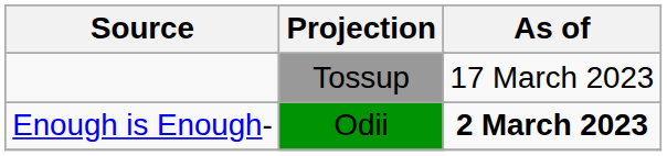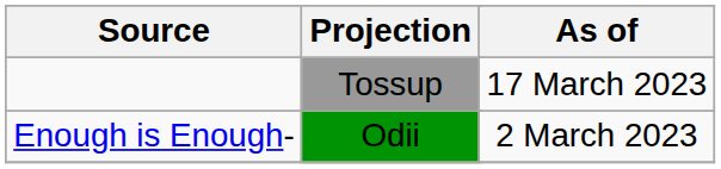 <table class="wikitable" style="text-align:center">
 <tr>
 <th>Source</th>
 <th colspan=2>Projection</th>
 <th>As of</th>
 </tr>
 <tr>
 <td align="left"></td>
 <td colspan=2 bgcolor=#999999>Tossup</td>
 <td>17 March 2023</td>
 </tr>
 <tr>
 <td align="left"><a href='#'>Enough is Enough</a>-<br></td>
 <td colspan=2 bgcolor=#009404>Odii</td>
-<td><strong>2 March 2023</strong></td>
+<td>2 March 2023</td>
 </tr>
 <tr>
 </tr>
 </table>
